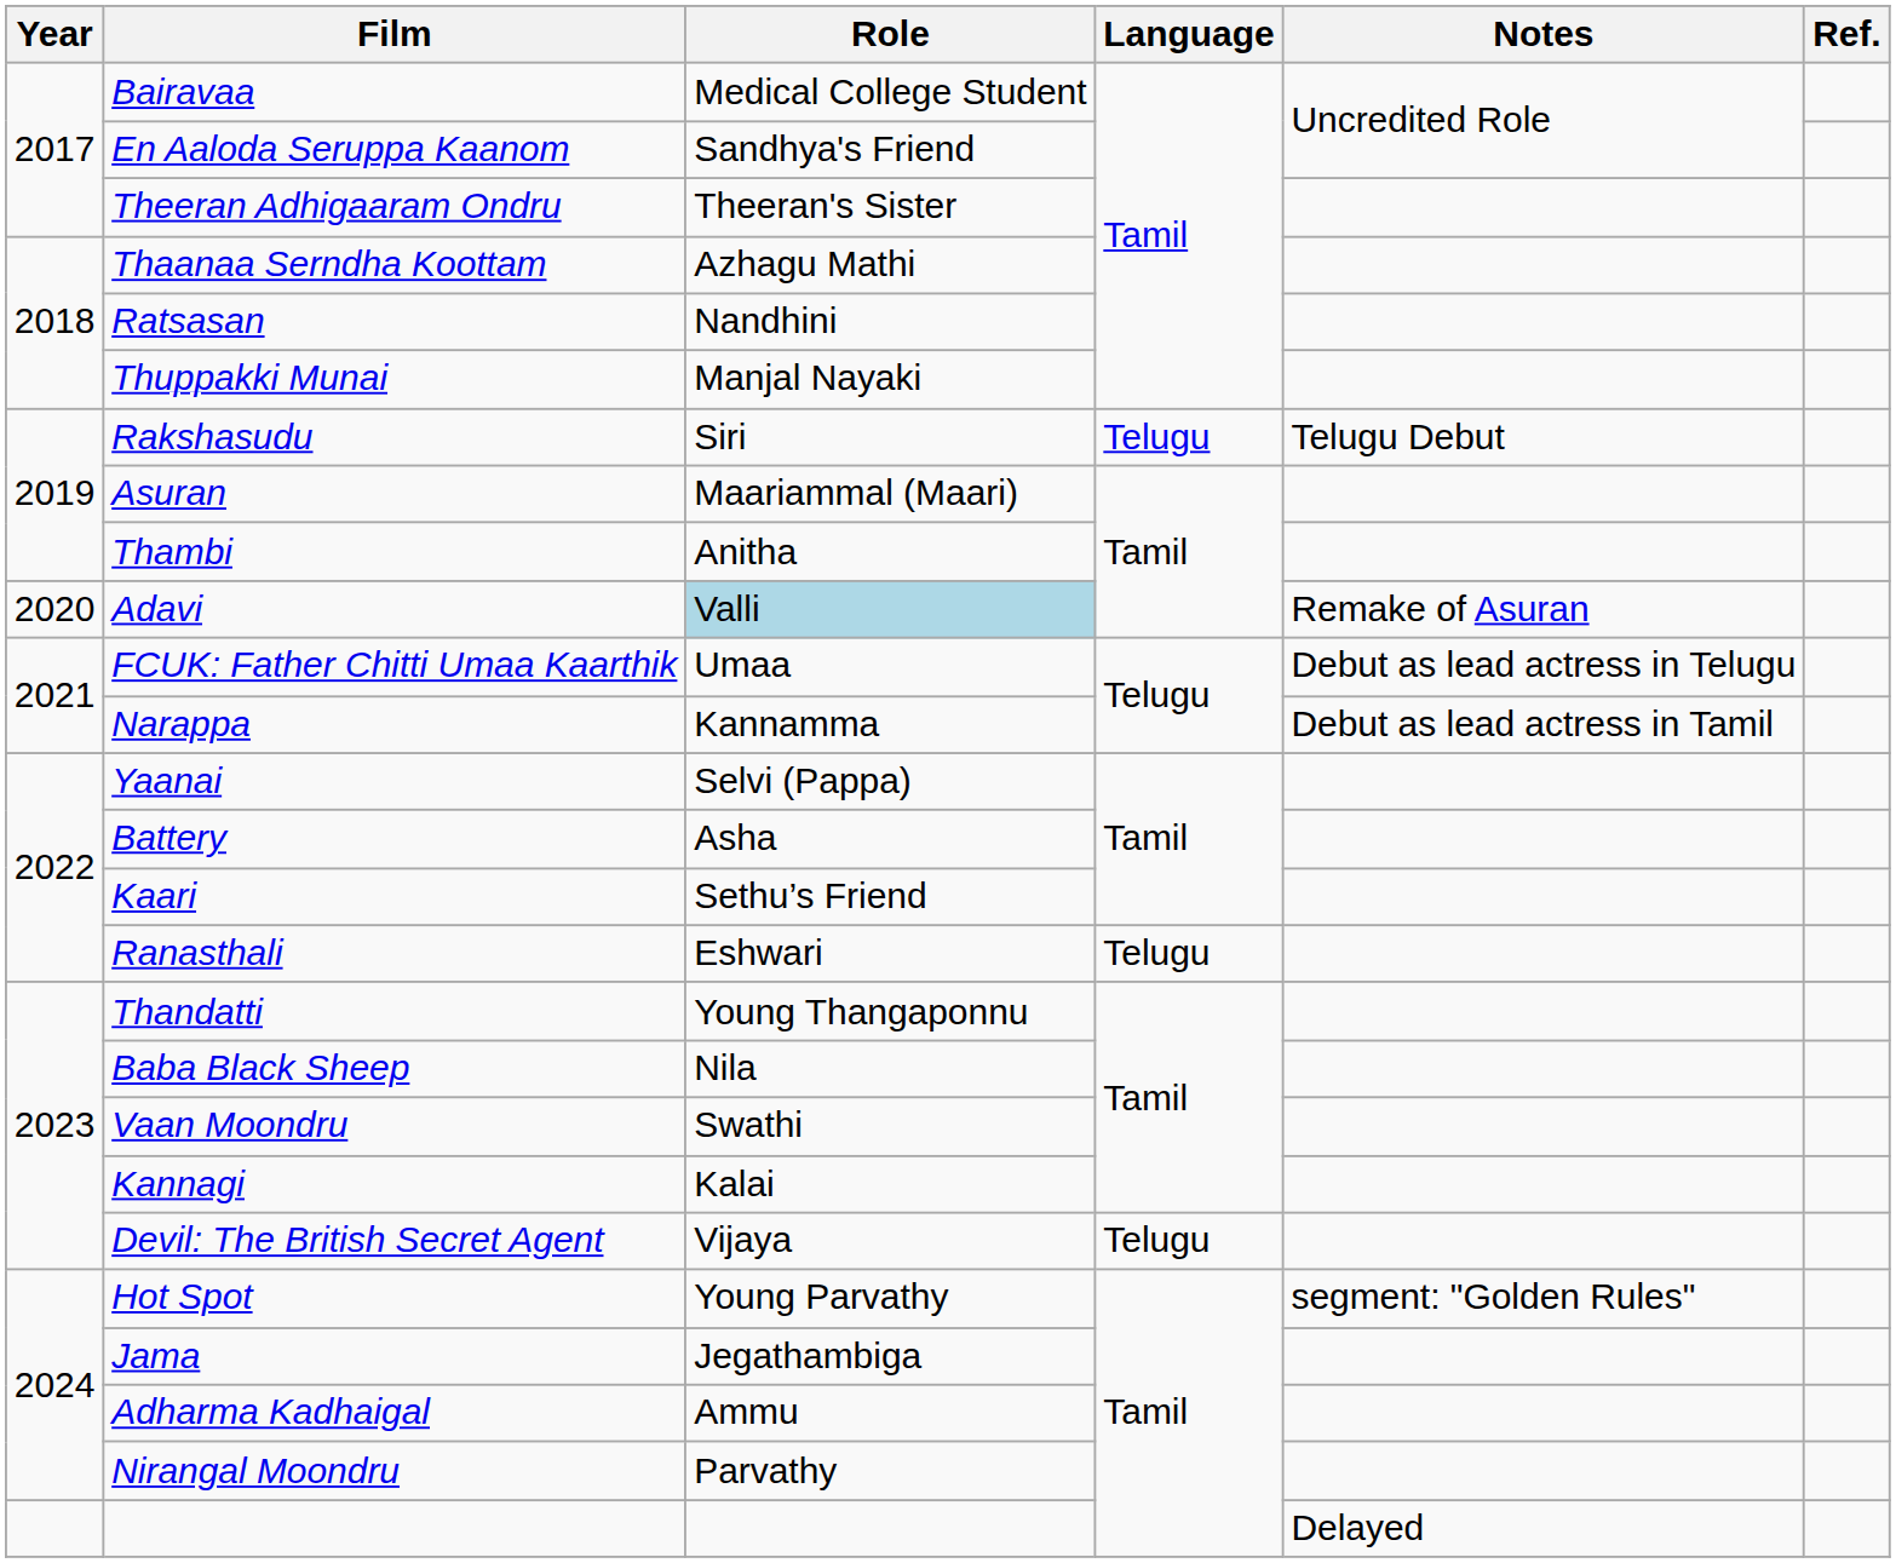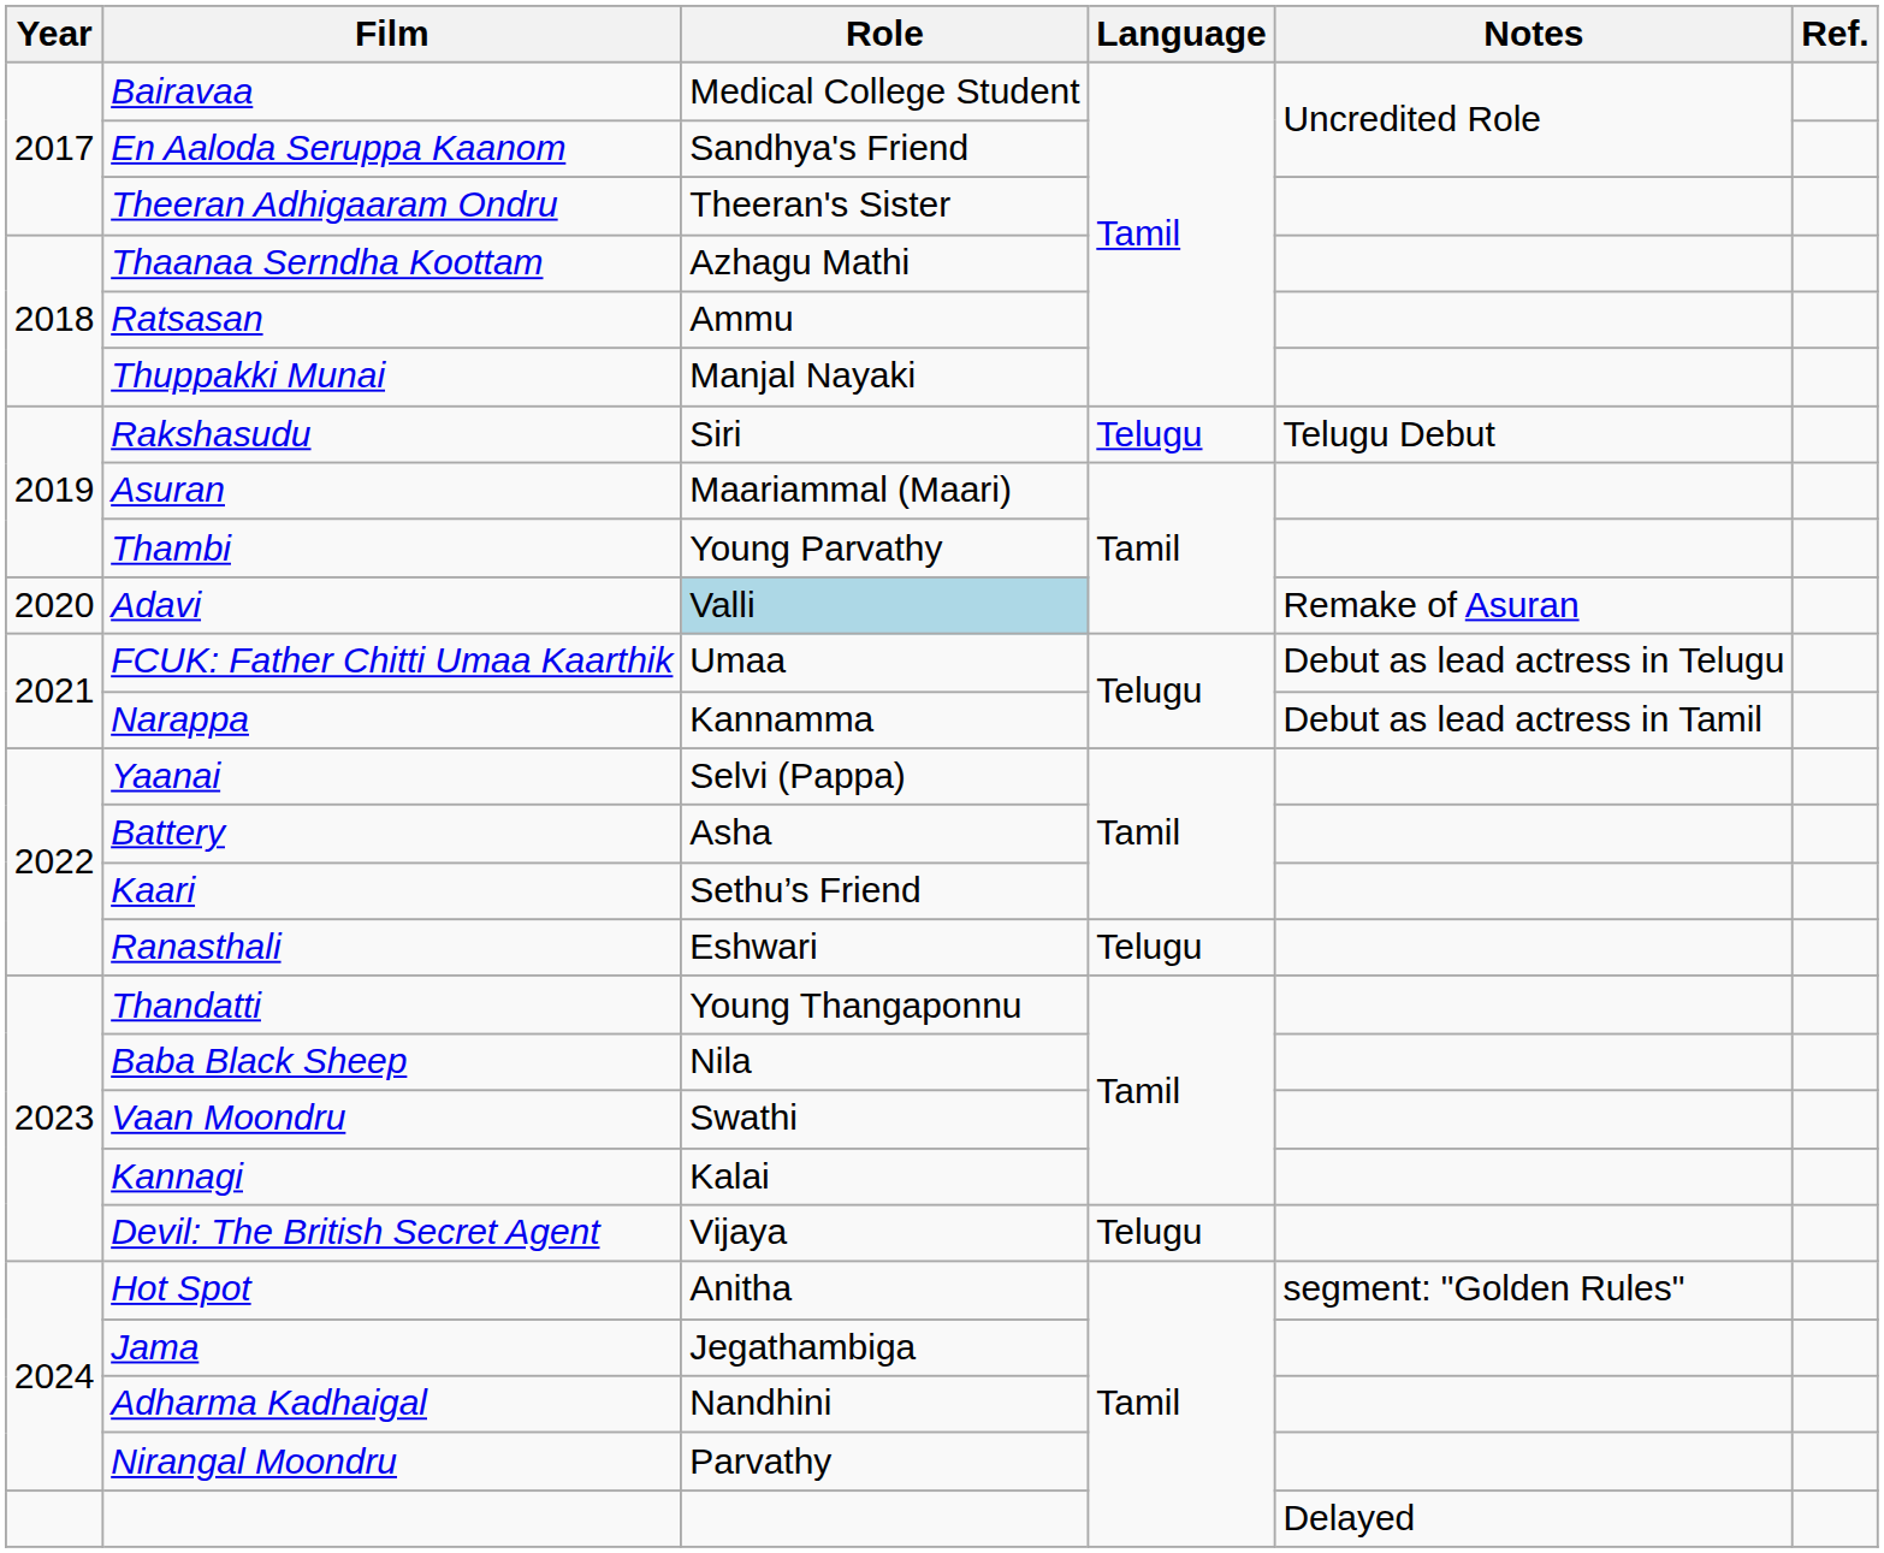 <table class="wikitable sortable">
 <tr>
 <th>Year</th>
 <th>Film</th>
 <th>Role</th>
 <th>Language</th>
 <th class=unsortable>Notes</th>
 <th class=unsortable>Ref.</th>
 </tr>
 <tr>
 <td rowspan="3">2017</td>
 <td><em><a href='#'>Bairavaa</a></em></td>
 <td>Medical College Student</td>
 <td Rowspan="6"><a href='#'>Tamil</a></td>
 <td rowspan="2">Uncredited Role</td>
 <td></td>
 </tr>
 <tr>
 <td><em><a href='#'>En Aaloda Seruppa Kaanom</a></em></td>
 <td>Sandhya's Friend</td>
 <td></td>
 </tr>
 <tr>
 <td><em><a href='#'>Theeran Adhigaaram Ondru</a></em></td>
 <td>Theeran's Sister</td>
 <td></td>
 <td></td>
 </tr>
 <tr>
 <td rowspan="3">2018</td>
 <td><em><a href='#'>Thaanaa Serndha Koottam</a></em></td>
 <td>Azhagu Mathi</td>
 <td></td>
 <td></td>
 </tr>
 <tr>
 <td><em><a href='#'>Ratsasan</a></em></td>
-<td>Nandhini</td>
+<td>Ammu</td>
 <td></td>
 <td></td>
 </tr>
 <tr>
 <td><em><a href='#'>Thuppakki Munai</a></em></td>
 <td>Manjal Nayaki</td>
 <td></td>
 <td></td>
 </tr>
 <tr>
 <td rowspan="3">2019</td>
 <td><em><a href='#'>Rakshasudu</a></em></td>
 <td>Siri</td>
 <td><a href='#'>Telugu</a></td>
 <td>Telugu Debut</td>
 <td></td>
 </tr>
 <tr>
 <td><em><a href='#'>Asuran</a></em></td>
 <td>Maariammal (Maari)</td>
 <td Rowspan="3">Tamil</td>
 <td></td>
 <td></td>
 </tr>
 <tr>
 <td><em><a href='#'>Thambi</a></em></td>
-<td>Anitha</td>
+<td>Young Parvathy</td>
 <td></td>
 <td></td>
 </tr>
 <tr>
 <td rowspan="1">2020</td>
 <td><em><a href='#'>Adavi</a></em></td>
 <td style="background: lightblue;">Valli</td>
 <td>Remake of <a href='#'>Asuran</a></td>
 <td></td>
 </tr>
 <tr>
 <td rowspan="2">2021</td>
 <td><em><a href='#'>FCUK: Father Chitti Umaa Kaarthik</a></em></td>
 <td>Umaa</td>
 <td rowspan="2">Telugu</td>
 <td>Debut as lead actress in Telugu</td>
 <td></td>
 </tr>
 <tr>
 <td><em><a href='#'>Narappa</a></em></td>
 <td>Kannamma</td>
 <td>Debut as lead actress in Tamil</td>
 <td></td>
 </tr>
 <tr>
 <td rowspan="4">2022</td>
 <td><em><a href='#'>Yaanai</a></em></td>
 <td>Selvi (Pappa)</td>
 <td rowspan="3">Tamil</td>
 <td></td>
 <td></td>
 </tr>
 <tr>
 <td><em><a href='#'>Battery</a></em></td>
 <td>Asha</td>
 <td></td>
 <td></td>
 </tr>
 <tr>
 <td><em><a href='#'>Kaari</a></em></td>
 <td>Sethu’s Friend</td>
 <td></td>
 <td></td>
 </tr>
 <tr>
 <td><em><a href='#'>Ranasthali</a></em></td>
 <td>Eshwari</td>
 <td>Telugu</td>
 <td></td>
 <td></td>
 </tr>
 <tr>
 <td rowspan="5">2023</td>
 <td><em><a href='#'>Thandatti</a></em></td>
 <td>Young Thangaponnu</td>
 <td rowspan="4">Tamil</td>
 <td></td>
 <td></td>
 </tr>
 <tr>
 <td><em><a href='#'>Baba Black Sheep</a></em></td>
 <td>Nila</td>
 <td></td>
 <td></td>
 </tr>
 <tr>
 <td><em><a href='#'>Vaan Moondru</a></em></td>
 <td>Swathi</td>
 <td></td>
 <td></td>
 </tr>
 <tr>
 <td><a href='#'><em>Kannagi</em></a></td>
 <td>Kalai</td>
 <td></td>
 <td></td>
 </tr>
 <tr>
 <td><em><a href='#'>Devil: The British Secret Agent</a></em></td>
 <td>Vijaya</td>
 <td>Telugu</td>
 <td></td>
 <td></td>
 </tr>
 <tr>
 <td rowspan="4">2024</td>
 <td><em><a href='#'>Hot Spot</a></em></td>
-<td>Young Parvathy</td>
+<td>Anitha</td>
 <td rowspan="5">Tamil</td>
 <td>segment: "Golden Rules"</td>
 <td></td>
 </tr>
 <tr>
 <td><em><a href='#'>Jama</a></em></td>
 <td>Jegathambiga</td>
 <td></td>
 <td></td>
 </tr>
 <tr>
 <td><em><a href='#'>Adharma Kadhaigal</a></em></td>
-<td>Ammu</td>
+<td>Nandhini</td>
 <td></td>
 <td></td>
 </tr>
 <tr>
 <td><em><a href='#'>Nirangal Moondru</a></em></td>
 <td>Parvathy</td>
 <td></td>
 <td></td>
 </tr>
 <tr>
 <td></td>
 <td></td>
 <td></td>
 <td>Delayed</td>
 <td></td>
 </tr>
 </table>
